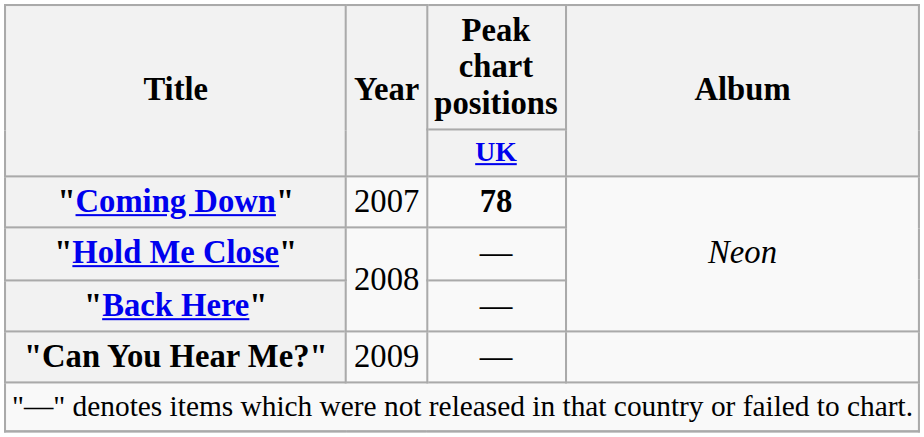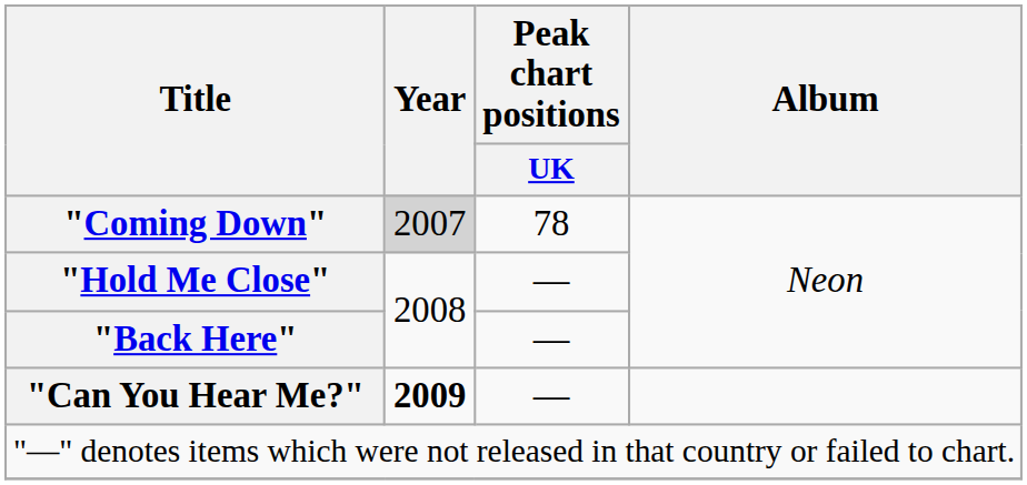 <table class="wikitable plainrowheaders" style="text-align:center;">
 <tr>
 <th scope="col" rowspan="2" style="width:10em;">Title</th>
 <th scope="col" rowspan="2" style="width:1em;">Year</th>
 <th scope="col" colspan="1">Peak chart positions</th>
 <th scope="col" rowspan="2">Album</th>
 </tr>
 <tr>
 <th style="width:3em;font-size:85%;"><a href='#'>UK</a><br></th>
 </tr>
 <tr>
 <th scope="row">"<a href='#'>Coming Down</a>"</th>
-<td>2007</td>
-<td><strong>78</strong></td>
+<td style="background: lightgrey;">2007</td>
+<td>78</td>
 <td rowspan="3"><em>Neon</em></td>
 </tr>
 <tr>
 <th scope="row">"<a href='#'>Hold Me Close</a>"</th>
 <td rowspan="2">2008</td>
 <td>—</td>
 </tr>
 <tr>
 <th scope="row">"<a href='#'>Back Here</a>"</th>
 <td>—</td>
 </tr>
 <tr>
 <th scope="row">"Can You Hear Me?"</th>
-<td>2009</td>
+<td><strong>2009</strong></td>
 <td>—</td>
 <td></td>
 </tr>
 <tr>
 <td colspan="4" style="font-size:90%;">"—" denotes items which were not released in that country or failed to chart.</td>
 </tr>
 <tr>
 </tr>
 </table>
